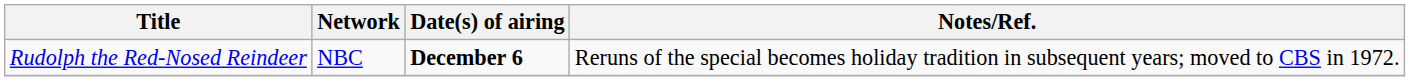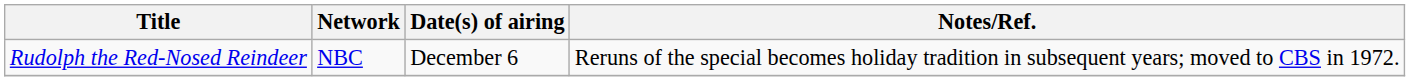 <table class=wikitable>
 <tr>
 <th>Title</th>
 <th>Network</th>
 <th>Date(s) of airing</th>
 <th>Notes/Ref.</th>
 </tr>
 <tr>
 <td><em><a href='#'>Rudolph the Red-Nosed Reindeer</a></em></td>
 <td><a href='#'>NBC</a></td>
-<td><strong>December 6</strong></td>
+<td>December 6</td>
 <td>Reruns of the special becomes holiday tradition in subsequent years; moved to <a href='#'>CBS</a> in 1972.</td>
 </tr>
 <tr>
 </tr>
 </table>
